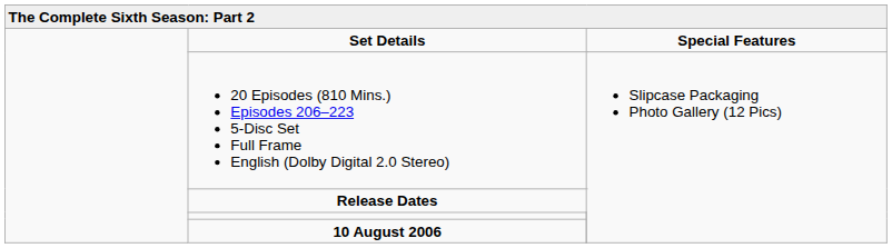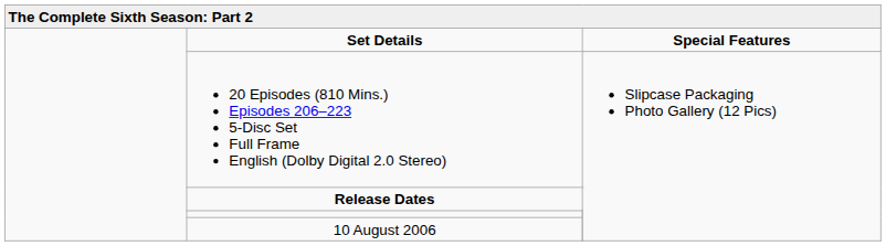 <table class="wikitable" style="font-size: 95%;">
 <tr style="background:#EFEFEF">
 <td colspan="5"><strong>The Complete Sixth Season: Part 2</strong></td>
 </tr>
 <tr>
 <td rowspan="6" align="center" width="180"></td>
 <td align="center" width="350" colspan="3"><strong>Set Details</strong></td>
 <td width="250" align="center"><strong>Special Features</strong></td>
 </tr>
 <tr valign="top">
 <td colspan="3" align="left" width="400"><br><ul><li>20 Episodes (810 Mins.)</li><li><a href='#'>Episodes 206–223</a></li><li>5-Disc Set</li><li>Full Frame</li><li>English (Dolby Digital 2.0 Stereo)</li></ul></td>
 <td rowspan="4" align="left" width="300"><br><ul><li>Slipcase Packaging</li><li>Photo Gallery (12 Pics)</li></ul></td>
 </tr>
 <tr>
 <td colspan="3" align="center"><strong>Release Dates</strong></td>
 </tr>
 <tr>
 <td align="center"></td>
 </tr>
 <tr>
-<td align="center"><strong>10 August 2006</strong></td>
+<td align="center">10 August 2006</td>
 </tr>
 </table>
